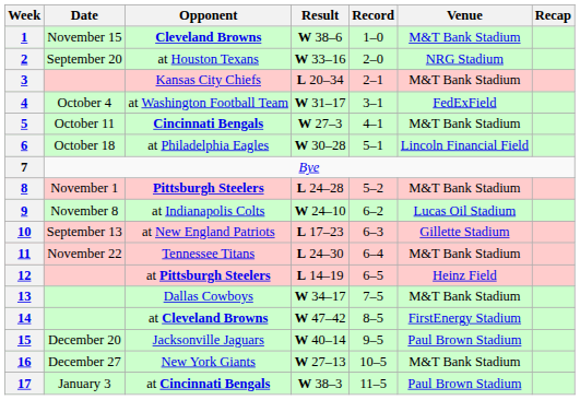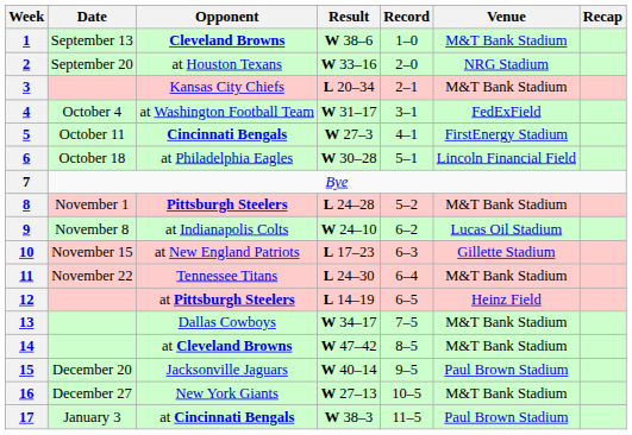 <table class="wikitable" style="text-align:center">
 <tr>
 <th>Week</th>
 <th>Date</th>
 <th>Opponent</th>
 <th>Result</th>
 <th>Record</th>
 <th>Venue</th>
 <th>Recap</th>
 </tr>
 <tr style="background:#cfc">
 <th><a href='#'>1</a></th>
-<td>November 15</td>
+<td>September 13</td>
 <td><strong><a href='#'>Cleveland Browns</a></strong></td>
 <td><strong>W</strong> 38–6</td>
 <td>1–0</td>
 <td><a href='#'>M&T Bank Stadium</a></td>
 <td></td>
 </tr>
 <tr style="background:#cfc">
 <th><a href='#'>2</a></th>
 <td>September 20</td>
 <td>at <a href='#'>Houston Texans</a></td>
 <td><strong>W</strong> 33–16</td>
 <td>2–0</td>
 <td><a href='#'>NRG Stadium</a></td>
 <td></td>
 </tr>
 <tr style="background:#fcc">
 <th><a href='#'>3</a></th>
 <td></td>
 <td><a href='#'>Kansas City Chiefs</a></td>
 <td><strong>L</strong> 20–34</td>
 <td>2–1</td>
 <td>M&T Bank Stadium</td>
 <td></td>
 </tr>
 <tr style="background:#cfc">
 <th><a href='#'>4</a></th>
 <td>October 4</td>
 <td>at <a href='#'>Washington Football Team</a></td>
 <td><strong>W</strong> 31–17</td>
 <td>3–1</td>
 <td><a href='#'>FedExField</a></td>
 <td></td>
 </tr>
 <tr style="background:#cfc">
 <th><a href='#'>5</a></th>
 <td>October 11</td>
 <td><strong><a href='#'>Cincinnati Bengals</a></strong></td>
 <td><strong>W</strong> 27–3</td>
 <td>4–1</td>
-<td>M&T Bank Stadium</td>
+<td><a href='#'>FirstEnergy Stadium</a></td>
 <td></td>
 </tr>
 <tr style="background:#cfc">
 <th><a href='#'>6</a></th>
 <td>October 18</td>
 <td>at <a href='#'>Philadelphia Eagles</a></td>
 <td><strong>W</strong> 30–28</td>
 <td>5–1</td>
 <td><a href='#'>Lincoln Financial Field</a></td>
 <td></td>
 </tr>
 <tr>
 <th>7</th>
 <td colspan="6"><em><a href='#'>Bye</a></em></td>
 </tr>
 <tr style="background:#fcc">
 <th><a href='#'>8</a></th>
 <td>November 1</td>
 <td><strong><a href='#'>Pittsburgh Steelers</a></strong></td>
 <td><strong>L</strong> 24–28</td>
 <td>5–2</td>
 <td>M&T Bank Stadium</td>
 <td></td>
 </tr>
 <tr style="background:#cfc">
 <th><a href='#'>9</a></th>
 <td>November 8</td>
 <td>at <a href='#'>Indianapolis Colts</a></td>
 <td><strong>W</strong> 24–10</td>
 <td>6–2</td>
 <td><a href='#'>Lucas Oil Stadium</a></td>
 <td></td>
 </tr>
 <tr style="background:#fcc">
 <th><a href='#'>10</a></th>
-<td>September 13</td>
+<td>November 15</td>
 <td>at <a href='#'>New England Patriots</a></td>
 <td><strong>L</strong> 17–23</td>
 <td>6–3</td>
 <td><a href='#'>Gillette Stadium</a></td>
 <td></td>
 </tr>
 <tr style="background:#fcc">
 <th><a href='#'>11</a></th>
 <td>November 22</td>
 <td><a href='#'>Tennessee Titans</a></td>
 <td><strong>L</strong> 24–30 </td>
 <td>6–4</td>
 <td>M&T Bank Stadium</td>
 <td></td>
 </tr>
 <tr style="background:#fcc">
 <th><a href='#'>12</a></th>
 <td></td>
 <td>at <strong><a href='#'>Pittsburgh Steelers</a></strong></td>
 <td><strong>L</strong> 14–19</td>
 <td>6–5</td>
 <td><a href='#'>Heinz Field</a></td>
 <td></td>
 </tr>
 <tr style="background:#cfc">
 <th><a href='#'>13</a></th>
 <td></td>
 <td><a href='#'>Dallas Cowboys</a></td>
 <td><strong>W</strong> 34–17</td>
 <td>7–5</td>
 <td>M&T Bank Stadium</td>
 <td></td>
 </tr>
 <tr style="background:#cfc">
 <th><a href='#'>14</a></th>
 <td></td>
 <td>at <strong><a href='#'>Cleveland Browns</a></strong></td>
 <td><strong>W</strong> 47–42</td>
 <td>8–5</td>
-<td><a href='#'>FirstEnergy Stadium</a></td>
+<td>M&T Bank Stadium</td>
 <td></td>
 </tr>
 <tr style="background:#cfc">
 <th><a href='#'>15</a></th>
 <td>December 20</td>
 <td><a href='#'>Jacksonville Jaguars</a></td>
 <td><strong>W</strong> 40–14</td>
 <td>9–5</td>
 <td><a href='#'>Paul Brown Stadium</a></td>
 <td></td>
 </tr>
 <tr style="background:#cfc">
 <th><a href='#'>16</a></th>
 <td>December 27</td>
 <td><a href='#'>New York Giants</a></td>
 <td><strong>W</strong> 27–13</td>
 <td>10–5</td>
 <td>M&T Bank Stadium</td>
 <td></td>
 </tr>
 <tr style="background:#cfc">
 <th><a href='#'>17</a></th>
 <td>January 3</td>
 <td>at <strong><a href='#'>Cincinnati Bengals</a></strong></td>
 <td><strong>W</strong> 38–3</td>
 <td>11–5</td>
 <td><a href='#'>Paul Brown Stadium</a></td>
 <td></td>
 </tr>
 </table>
